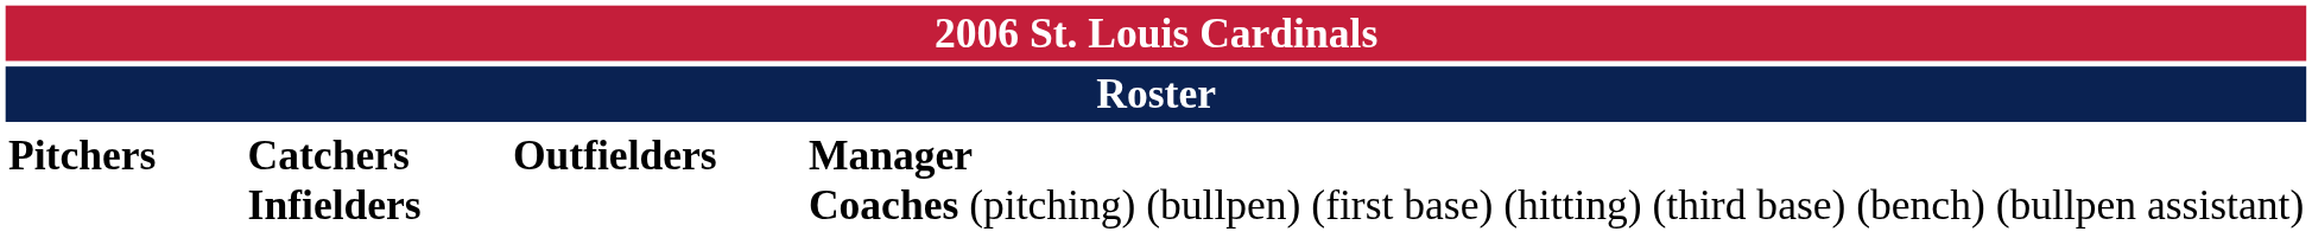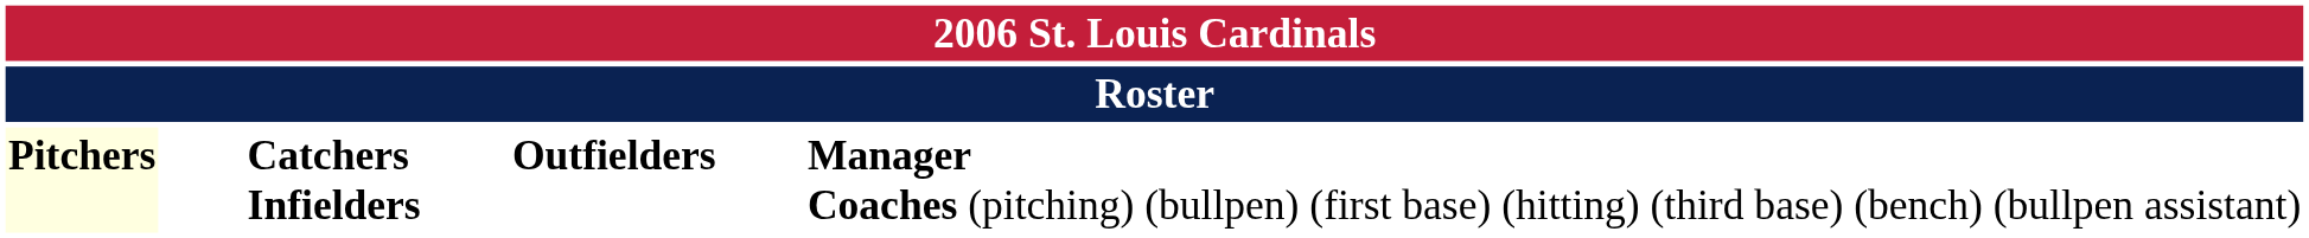 <table class="toccolours" style="font-size: 95%;">
 <tr>
 <th colspan="10" style="background-color: #c41e3a; color: #FFFFFF; text-align: center;">2006 St. Louis Cardinals</th>
 </tr>
 <tr>
 <td colspan="10" style="background-color: #0a2252; color: #FFFFFF; text-align: center;"><strong>Roster</strong></td>
 </tr>
 <tr>
-<td valign="top"><strong>Pitchers</strong><br>                  </td>
+<td valign="top" style="background: lightyellow;"><strong>Pitchers</strong><br>                  </td>
 <td width="25px"></td>
 <td valign="top"><strong>Catchers</strong><br>   <strong>Infielders</strong>        </td>
 <td width="25px"></td>
 <td valign="top"><strong>Outfielders</strong><br>         </td>
 <td width="25px"></td>
 <td valign="top"><strong>Manager</strong><br> <strong>Coaches</strong>  (pitching)  (bullpen)  (first base)  (hitting)  (third base)  (bench)  (bullpen assistant)</td>
 </tr>
 </table>
